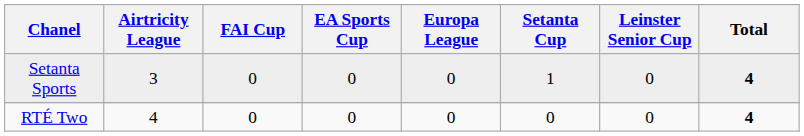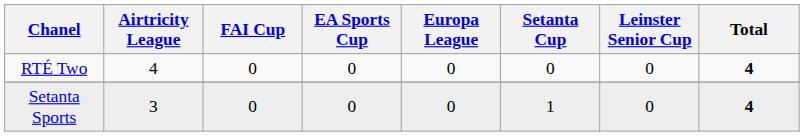 <table class="wikitable" style="font-size: 95%; text-align: center;">
 <tr>
 <th width=80><a href='#'>Chanel</a></th>
 <th width=80><a href='#'>Airtricity League</a></th>
 <th width=80><a href='#'>FAI Cup</a></th>
 <th width=80><a href='#'>EA Sports Cup</a></th>
 <th width=80><a href='#'>Europa League</a></th>
 <th width=80><a href='#'>Setanta Cup</a></th>
 <th width=80><a href='#'>Leinster Senior Cup</a></th>
 <th width=80>Total</th>
 </tr>
+<tr>
+<td><a href='#'>RTÉ Two</a></td>
+<td>4</td>
+<td>0</td>
+<td>0</td>
+<td>0</td>
+<td>0</td>
+<td>0</td>
+<td><strong>4</strong></td>
+</tr>
+<tr>
+</tr>
 <tr bgcolor=#EEEEEE>
 <td><a href='#'>Setanta Sports</a></td>
 <td>3</td>
 <td>0</td>
 <td>0</td>
 <td>0</td>
 <td>1</td>
 <td>0</td>
 <td><strong>4</strong></td>
 </tr>
-<tr>
-</tr>
-<tr>
-<td><a href='#'>RTÉ Two</a></td>
-<td>4</td>
-<td>0</td>
-<td>0</td>
-<td>0</td>
-<td>0</td>
-<td>0</td>
-<td><strong>4</strong></td>
-</tr>
 </table>
